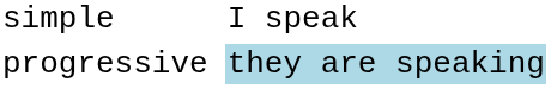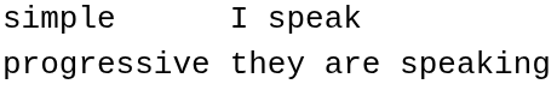 <table>
 <tr>
 <td>simple</td>
 <td></td>
 <td>I speak</td>
 </tr>
 <tr>
 <td>progressive</td>
 <td></td>
-<td style="background: lightblue;">they are speaking</td>
+<td>they are speaking</td>
 </tr>
 </table>
